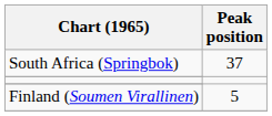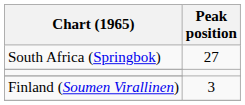 <table class="wikitable sortable">
 <tr>
 <th scope="col">Chart (1965)</th>
 <th scope="col">Peak<br>position</th>
 </tr>
 <tr>
 <td>South Africa (<a href='#'>Springbok</a>)</td>
-<td style="text-align:center;">37</td>
+<td style="text-align:center;">27</td>
 </tr>
 <tr>
 </tr>
 <tr>
 <td></td>
 </tr>
 <tr>
 </tr>
 <tr>
 </tr>
 <tr>
 <td>Finland (<a href='#'><em>Soumen Virallinen</em></a>)</td>
-<td align="center">5</td>
+<td align="center">3</td>
 </tr>
 <tr>
 </tr>
 </table>
